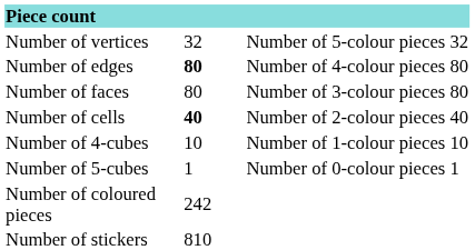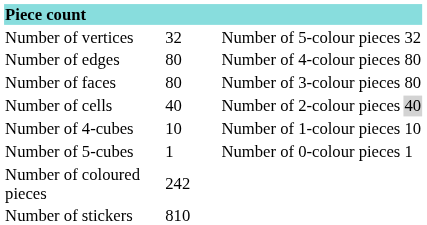 <table>
 <tr>
 <td colspan="4" style="background:#88DDDD;font-weight:bold;">Piece count</td>
 </tr>
 <tr>
 <td>Number of vertices</td>
 <td style="width:50px;">32</td>
 <td>Number of 5-colour pieces</td>
 <td>32</td>
 </tr>
 <tr>
 <td>Number of edges</td>
-<td><strong>80</strong></td>
+<td>80</td>
 <td>Number of 4-colour pieces</td>
 <td>80</td>
 </tr>
 <tr>
 <td>Number of faces</td>
 <td>80</td>
 <td>Number of 3-colour pieces</td>
 <td>80</td>
 </tr>
 <tr>
 <td>Number of cells</td>
-<td><strong>40</strong></td>
+<td>40</td>
 <td>Number of 2-colour pieces</td>
-<td>40</td>
+<td style="background: lightgrey;">40</td>
 </tr>
 <tr>
 <td>Number of 4-cubes</td>
 <td>10</td>
 <td>Number of 1-colour pieces</td>
 <td>10</td>
 </tr>
 <tr>
 <td>Number of 5-cubes</td>
 <td>1</td>
 <td>Number of 0-colour pieces</td>
 <td>1</td>
 </tr>
 <tr>
 <td style="width:150px;">Number of coloured pieces</td>
 <td>242</td>
 </tr>
 <tr>
 <td>Number of stickers</td>
 <td>810</td>
 </tr>
 </table>
